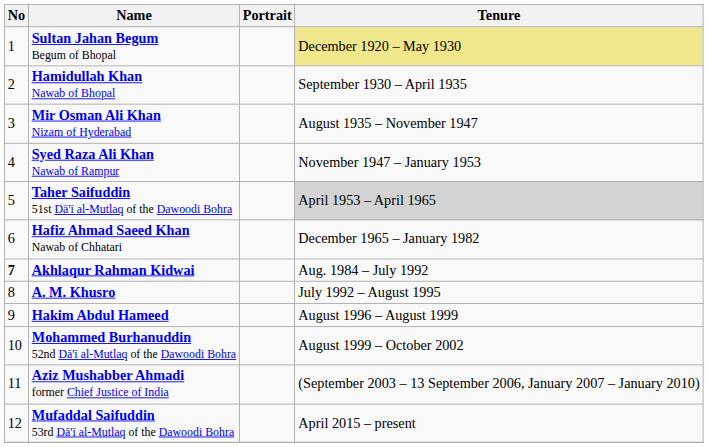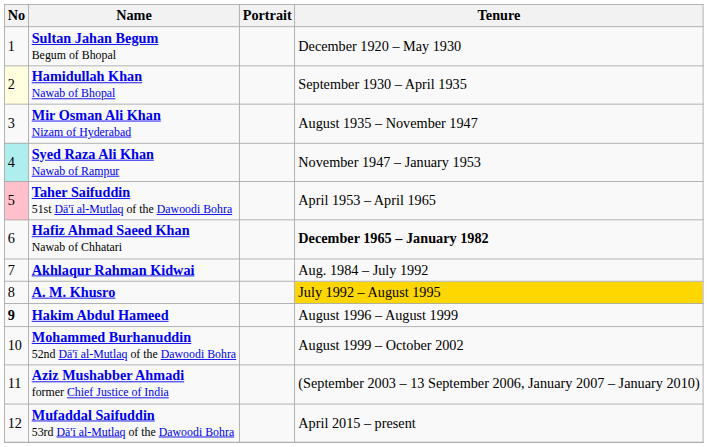 <table class="wikitable sortable">
 <tr>
 <th>No</th>
 <th>Name</th>
 <th>Portrait</th>
 <th>Tenure</th>
 </tr>
 <tr>
 <td>1</td>
 <td><strong><a href='#'>Sultan Jahan Begum</a></strong><br><small>Begum of Bhopal</small></td>
 <td></td>
-<td style="background: khaki;">December 1920 – May 1930</td>
+<td>December 1920 – May 1930</td>
 </tr>
 <tr>
-<td>2</td>
+<td style="background: lightyellow;">2</td>
 <td><strong><a href='#'>Hamidullah Khan</a></strong><br><small><a href='#'>Nawab of Bhopal</a></small></td>
 <td></td>
 <td>September 1930 – April 1935</td>
 </tr>
 <tr>
 <td>3</td>
 <td><strong><a href='#'>Mir Osman Ali Khan</a></strong><br><small><a href='#'>Nizam of Hyderabad</a></small></td>
 <td></td>
 <td>August 1935 – November 1947</td>
 </tr>
 <tr>
-<td>4</td>
+<td style="background: paleturquoise;">4</td>
 <td><strong><a href='#'>Syed Raza Ali Khan</a></strong> <br><small><a href='#'>Nawab of Rampur</a></small></td>
 <td></td>
 <td>November 1947 – January 1953</td>
 </tr>
 <tr>
-<td>5</td>
+<td style="background: pink;">5</td>
 <td><strong><a href='#'>Taher Saifuddin</a></strong> <br><small>51st <a href='#'>Dā'ī al-Mutlaq</a> of the <a href='#'>Dawoodi Bohra</a></small></td>
 <td></td>
-<td style="background: lightgrey;">April 1953 – April 1965</td>
+<td>April 1953 – April 1965</td>
 </tr>
 <tr>
 <td>6</td>
 <td><strong><a href='#'>Hafiz Ahmad Saeed Khan</a></strong><br><small>Nawab of Chhatari</small></td>
 <td></td>
-<td>December 1965 – January 1982</td>
+<td><strong>December 1965 – January 1982</strong></td>
 </tr>
 <tr>
-<td><strong>7</strong></td>
+<td>7</td>
 <td><strong><a href='#'>Akhlaqur Rahman Kidwai</a></strong></td>
 <td></td>
 <td>Aug. 1984 – July 1992</td>
 </tr>
 <tr>
 <td>8</td>
 <td><strong><a href='#'>A. M. Khusro</a></strong></td>
 <td></td>
-<td>July 1992 – August 1995</td>
+<td style="background: gold;">July 1992 – August 1995</td>
 </tr>
 <tr>
-<td>9</td>
+<td><strong>9</strong></td>
 <td><strong><a href='#'>Hakim Abdul Hameed</a></strong></td>
 <td></td>
 <td>August 1996 – August 1999</td>
 </tr>
 <tr>
 <td>10</td>
 <td><strong><a href='#'>Mohammed Burhanuddin</a></strong> <br><small>52nd <a href='#'>Dā'ī al-Mutlaq</a> of the <a href='#'>Dawoodi Bohra</a></small></td>
 <td></td>
 <td>August 1999 – October 2002</td>
 </tr>
 <tr>
 <td>11</td>
 <td><strong><a href='#'>Aziz Mushabber Ahmadi</a></strong> <br><small>former <a href='#'>Chief Justice of India</a></small></td>
 <td></td>
 <td>(September 2003 – 13 September 2006, January 2007 – January 2010)</td>
 </tr>
 <tr>
 <td>12</td>
 <td><strong><a href='#'>Mufaddal Saifuddin</a></strong> <br><small>53rd <a href='#'>Dā'ī al-Mutlaq</a> of the <a href='#'>Dawoodi Bohra</a></small></td>
 <td></td>
 <td>April 2015 – present</td>
 </tr>
 <tr>
 </tr>
 </table>
